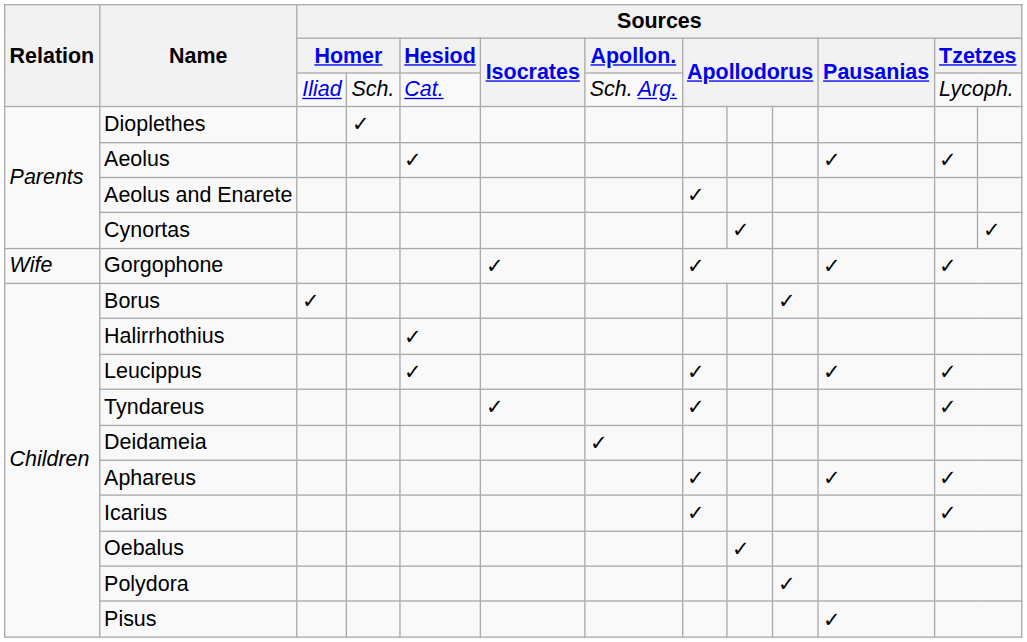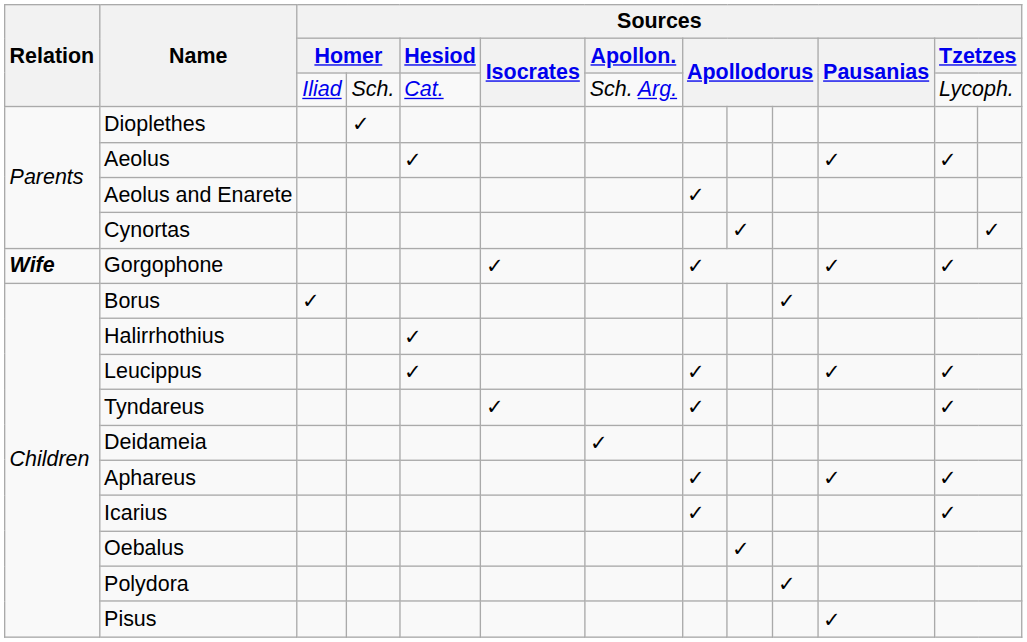 <table class="wikitable">
 <tr>
 <th rowspan="3">Relation</th>
 <th rowspan="3">Name</th>
 <th colspan="11">Sources</th>
 </tr>
 <tr>
 <th colspan="2"><a href='#'>Homer</a></th>
 <th><a href='#'>Hesiod</a></th>
 <th rowspan="2"><a href='#'>Isocrates</a></th>
 <th><a href='#'>Apollon.</a></th>
 <th colspan="3" rowspan="2"><a href='#'>Apollodorus</a></th>
 <th rowspan="2"><a href='#'>Pausanias</a></th>
 <th colspan="2"><a href='#'>Tzetzes</a></th>
 </tr>
 <tr>
 <td><em><a href='#'>Iliad</a></em></td>
 <td><em>Sch.</em></td>
 <td><em><a href='#'>Cat.</a></em></td>
 <td><em>Sch. <a href='#'>Arg.</a></em></td>
 <td colspan="2"><em>Lycoph.</em></td>
 </tr>
 <tr>
 <td rowspan="4"><em>Parents</em></td>
 <td>Dioplethes</td>
 <td></td>
 <td>✓</td>
 <td></td>
 <td></td>
 <td></td>
 <td></td>
 <td></td>
 <td></td>
 <td></td>
 <td></td>
 <td></td>
 </tr>
 <tr>
 <td>Aeolus</td>
 <td></td>
 <td></td>
 <td>✓</td>
 <td></td>
 <td></td>
 <td></td>
 <td></td>
 <td></td>
 <td>✓</td>
 <td>✓</td>
 <td></td>
 </tr>
 <tr>
 <td>Aeolus and Enarete</td>
 <td></td>
 <td></td>
 <td></td>
 <td></td>
 <td></td>
 <td>✓</td>
 <td></td>
 <td></td>
 <td></td>
 <td></td>
 <td></td>
 </tr>
 <tr>
 <td>Cynortas</td>
 <td></td>
 <td></td>
 <td></td>
 <td></td>
 <td></td>
 <td></td>
 <td>✓</td>
 <td></td>
 <td></td>
 <td></td>
 <td>✓</td>
 </tr>
 <tr>
-<td><em>Wife</em></td>
+<td><strong><em>Wife</em></strong></td>
 <td>Gorgophone</td>
 <td></td>
 <td></td>
 <td></td>
 <td>✓</td>
 <td></td>
 <td colspan="2">✓</td>
 <td></td>
 <td>✓</td>
 <td colspan="2">✓</td>
 </tr>
 <tr>
 <td rowspan="10"><em>Children</em></td>
 <td>Borus</td>
 <td>✓</td>
 <td></td>
 <td></td>
 <td></td>
 <td></td>
 <td></td>
 <td></td>
 <td>✓</td>
 <td></td>
 <td colspan="2"></td>
 </tr>
 <tr>
 <td>Halirrhothius</td>
 <td></td>
 <td></td>
 <td>✓</td>
 <td></td>
 <td></td>
 <td></td>
 <td></td>
 <td></td>
 <td></td>
 <td colspan="2"></td>
 </tr>
 <tr>
 <td>Leucippus</td>
 <td></td>
 <td></td>
 <td>✓</td>
 <td></td>
 <td></td>
 <td>✓</td>
 <td></td>
 <td></td>
 <td>✓</td>
 <td colspan="2">✓</td>
 </tr>
 <tr>
 <td>Tyndareus</td>
 <td></td>
 <td></td>
 <td></td>
 <td>✓</td>
 <td></td>
 <td>✓</td>
 <td></td>
 <td></td>
 <td></td>
 <td colspan="2">✓</td>
 </tr>
 <tr>
 <td>Deidameia</td>
 <td></td>
 <td></td>
 <td></td>
 <td></td>
 <td>✓</td>
 <td></td>
 <td></td>
 <td></td>
 <td></td>
 <td colspan="2"></td>
 </tr>
 <tr>
 <td>Aphareus</td>
 <td></td>
 <td></td>
 <td></td>
 <td></td>
 <td></td>
 <td>✓</td>
 <td></td>
 <td></td>
 <td>✓</td>
 <td colspan="2">✓</td>
 </tr>
 <tr>
 <td>Icarius</td>
 <td></td>
 <td></td>
 <td></td>
 <td></td>
 <td></td>
 <td>✓</td>
 <td></td>
 <td></td>
 <td></td>
 <td colspan="2">✓</td>
 </tr>
 <tr>
 <td>Oebalus</td>
 <td></td>
 <td></td>
 <td></td>
 <td></td>
 <td></td>
 <td></td>
 <td>✓</td>
 <td></td>
 <td></td>
 <td colspan="2"></td>
 </tr>
 <tr>
 <td>Polydora</td>
 <td></td>
 <td></td>
 <td></td>
 <td></td>
 <td></td>
 <td></td>
 <td></td>
 <td>✓</td>
 <td></td>
 <td colspan="2"></td>
 </tr>
 <tr>
 <td>Pisus</td>
 <td></td>
 <td></td>
 <td></td>
 <td></td>
 <td></td>
 <td></td>
 <td></td>
 <td></td>
 <td>✓</td>
 <td colspan="2"></td>
 </tr>
 </table>
